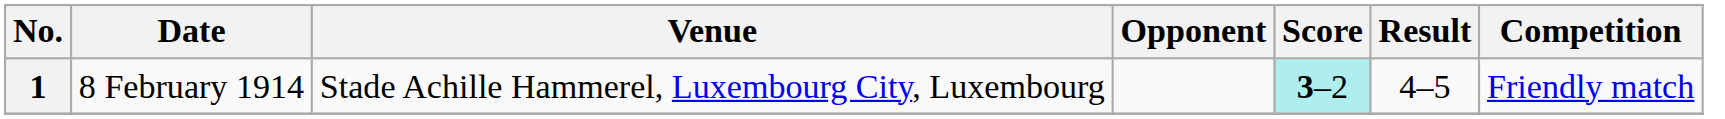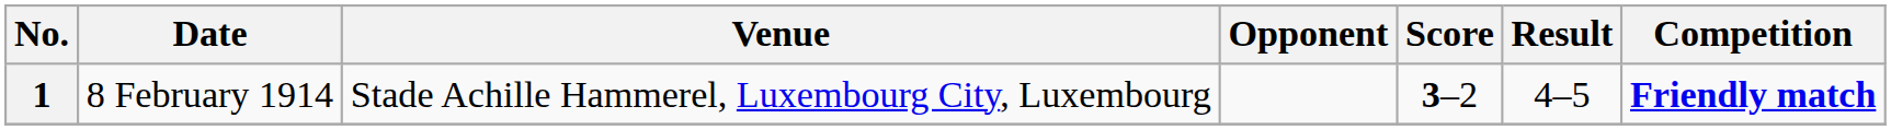 <table class="wikitable sortable plainrowheaders">
 <tr>
 <th scope=col>No.</th>
 <th scope=col>Date</th>
 <th scope=col>Venue</th>
 <th scope=col>Opponent</th>
 <th scope=col>Score</th>
 <th scope=col>Result</th>
 <th scope=col>Competition</th>
 </tr>
 <tr>
 <th scope=row style=text-align:center>1</th>
 <td>8 February 1914</td>
 <td>Stade Achille Hammerel, <a href='#'>Luxembourg City</a>, Luxembourg</td>
 <td></td>
-<td align=center style="background: paleturquoise;"><strong>3</strong>–2</td>
+<td align=center><strong>3</strong>–2</td>
 <td align=center>4–5</td>
-<td><a href='#'>Friendly match</a></td>
+<td><strong><a href='#'>Friendly match</a></strong></td>
 </tr>
 <tr>
 </tr>
 </table>
